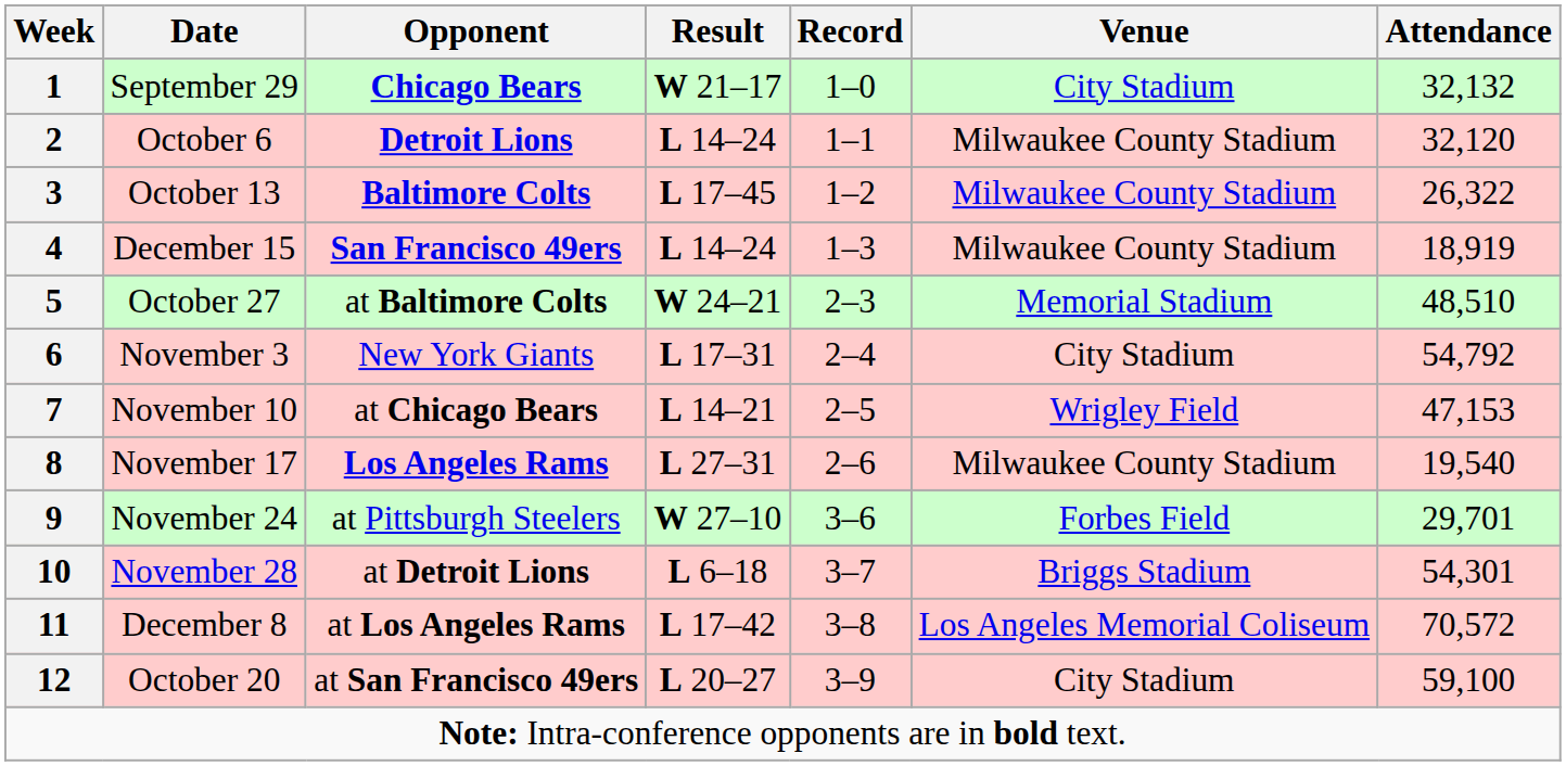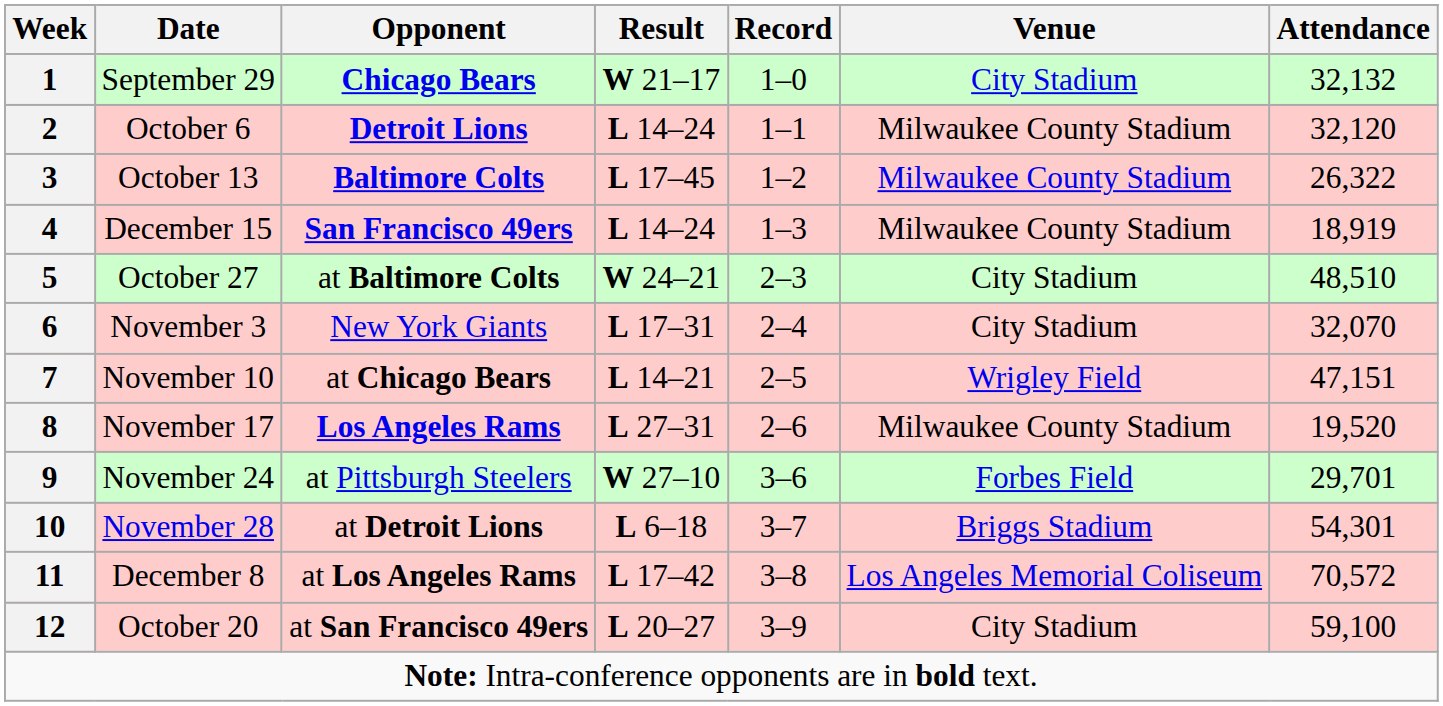 <table class="wikitable" style="text-align:center">
 <tr>
 <th>Week</th>
 <th>Date</th>
 <th>Opponent</th>
 <th>Result</th>
 <th>Record</th>
 <th>Venue</th>
 <th>Attendance</th>
 </tr>
 <tr style="background:#cfc">
 <th>1</th>
 <td>September 29</td>
 <td><strong><a href='#'>Chicago Bears</a></strong></td>
 <td><strong>W</strong> 21–17</td>
 <td>1–0</td>
 <td><a href='#'>City Stadium</a></td>
 <td>32,132</td>
 </tr>
 <tr style="background:#fcc">
 <th>2</th>
 <td>October 6</td>
 <td><strong><a href='#'>Detroit Lions</a></strong></td>
 <td><strong>L</strong> 14–24</td>
 <td>1–1</td>
 <td>Milwaukee County Stadium</td>
 <td>32,120</td>
 </tr>
 <tr style="background:#fcc">
 <th>3</th>
 <td>October 13</td>
 <td><strong><a href='#'>Baltimore Colts</a></strong></td>
 <td><strong>L</strong> 17–45</td>
 <td>1–2</td>
 <td><a href='#'>Milwaukee County Stadium</a></td>
 <td>26,322</td>
 </tr>
 <tr style="background:#fcc">
 <th>4</th>
 <td>December 15</td>
 <td><strong><a href='#'>San Francisco 49ers</a></strong></td>
 <td><strong>L</strong> 14–24</td>
 <td>1–3</td>
 <td>Milwaukee County Stadium</td>
 <td>18,919</td>
 </tr>
 <tr style="background:#cfc">
 <th>5</th>
 <td>October 27</td>
 <td>at <strong>Baltimore Colts</strong></td>
 <td><strong>W</strong> 24–21</td>
 <td>2–3</td>
-<td><a href='#'>Memorial Stadium</a></td>
+<td>City Stadium</td>
 <td>48,510</td>
 </tr>
 <tr style="background:#fcc">
 <th>6</th>
 <td>November 3</td>
 <td><a href='#'>New York Giants</a></td>
 <td><strong>L</strong> 17–31</td>
 <td>2–4</td>
 <td>City Stadium</td>
-<td>54,792</td>
+<td>32,070</td>
 </tr>
 <tr style="background:#fcc">
 <th>7</th>
 <td>November 10</td>
 <td>at <strong>Chicago Bears</strong></td>
 <td><strong>L</strong> 14–21</td>
 <td>2–5</td>
 <td><a href='#'>Wrigley Field</a></td>
-<td>47,153</td>
+<td>47,151</td>
 </tr>
 <tr style="background:#fcc">
 <th>8</th>
 <td>November 17</td>
 <td><strong><a href='#'>Los Angeles Rams</a></strong></td>
 <td><strong>L</strong> 27–31</td>
 <td>2–6</td>
 <td>Milwaukee County Stadium</td>
-<td>19,540</td>
+<td>19,520</td>
 </tr>
 <tr style="background:#cfc">
 <th>9</th>
 <td>November 24</td>
 <td>at <a href='#'>Pittsburgh Steelers</a></td>
 <td><strong>W</strong> 27–10</td>
 <td>3–6</td>
 <td><a href='#'>Forbes Field</a></td>
 <td>29,701</td>
 </tr>
 <tr style="background:#fcc">
 <th>10</th>
 <td><a href='#'>November 28</a></td>
 <td>at <strong>Detroit Lions</strong></td>
 <td><strong>L</strong> 6–18</td>
 <td>3–7</td>
 <td><a href='#'>Briggs Stadium</a></td>
 <td>54,301</td>
 </tr>
 <tr style="background:#fcc">
 <th>11</th>
 <td>December 8</td>
 <td>at <strong>Los Angeles Rams</strong></td>
 <td><strong>L</strong> 17–42</td>
 <td>3–8</td>
 <td><a href='#'>Los Angeles Memorial Coliseum</a></td>
 <td>70,572</td>
 </tr>
 <tr style="background:#fcc">
 <th>12</th>
 <td>October 20</td>
 <td>at <strong>San Francisco 49ers</strong></td>
 <td><strong>L</strong> 20–27</td>
 <td>3–9</td>
 <td>City Stadium</td>
 <td>59,100</td>
 </tr>
 <tr>
 <td colspan="8"><strong>Note:</strong> Intra-conference opponents are in <strong>bold</strong> text.</td>
 </tr>
 </table>
